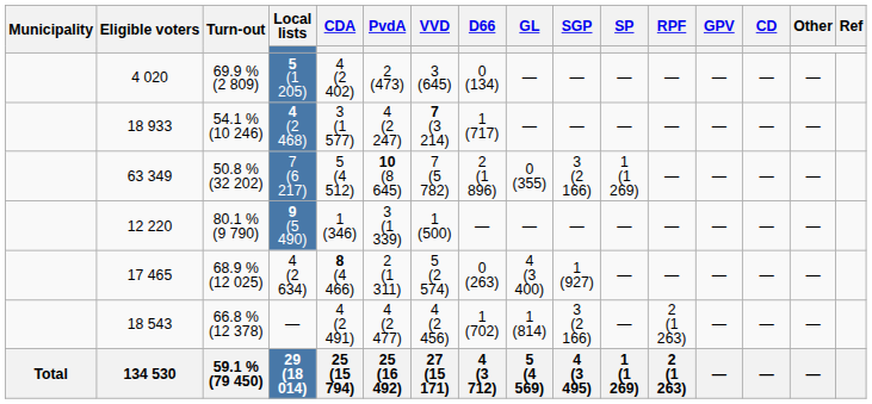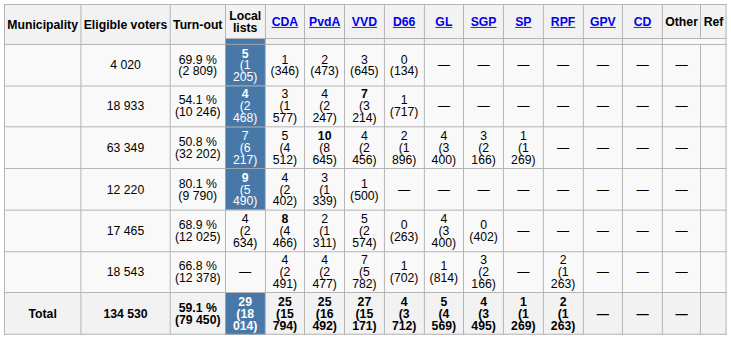 <table class="wikitable sortable" style="text-align:center;font-size:90%;line-height:14px">
 <tr style="height:40px;">
 <th rowspan="2">Municipality</th>
 <th rowspan="2">Eligible voters</th>
 <th rowspan="2">Turn-out</th>
 <th style="width:40px; ">Local lists</th>
 <th style="width:40px;"><a href='#'>CDA</a></th>
 <th style="width:40px;"><a href='#'>PvdA</a></th>
 <th style="width:40px;"><a href='#'>VVD</a></th>
 <th style="width:40px;"><a href='#'>D66</a></th>
 <th style="width:40px;"><a href='#'>GL</a></th>
 <th style="width:40px;"><a href='#'>SGP</a></th>
 <th style="width:40px;"><a href='#'>SP</a></th>
 <th style="width:40px;"><a href='#'>RPF</a></th>
 <th style="width:40px;"><a href='#'>GPV</a></th>
 <th style="width:40px;"><a href='#'>CD</a></th>
 <th>Other</th>
 <th>Ref</th>
 </tr>
 <tr>
 <th style="background:#4878a8; color:#FFFFFF;"></th>
 <th style="background:"></th>
 <th style="background:"></th>
 <th style="background:"></th>
 <th style="background:"></th>
 <th style="background:"></th>
 <th style="background:"></th>
 <th style="background:"></th>
 <th style="background:"></th>
 <th style="background:"></th>
 <th style="background:"></th>
 </tr>
 <tr>
 <td align="left"></td>
 <td>4 020</td>
 <td>69.9 %<br>(2 809)</td>
 <td style="background:#4878a8; color:#FFFFFF;"><strong>5</strong><br><span>(1 205)</span></td>
-<td>4<br>(2 402)</td>
+<td>1<br>(346)</td>
 <td>2<br>(473)</td>
 <td>3<br>(645)</td>
 <td>0<br>(134)</td>
 <td>—</td>
 <td>—</td>
 <td>—</td>
 <td>—</td>
 <td>—</td>
 <td>—</td>
 <td>—</td>
 <td></td>
 </tr>
 <tr>
 <td align="left"></td>
 <td>18 933</td>
 <td>54.1 %<br>(10 246)</td>
 <td style="background:#4878a8; color:#FFFFFF;"><strong>4</strong><br><span>(2 468)</span></td>
 <td>3<br>(1 577)</td>
 <td>4<br>(2 247)</td>
 <td style="background:"><strong>7</strong><br><span>(3 214)</span></td>
 <td>1<br>(717)</td>
 <td>—</td>
 <td>—</td>
 <td>—</td>
 <td>—</td>
 <td>—</td>
 <td>—</td>
 <td>—</td>
 <td></td>
 </tr>
 <tr>
 <td align="left"></td>
 <td>63 349</td>
 <td>50.8 %<br>(32 202)</td>
 <td style="background:#4878a8; color:#FFFFFF;">7<br>(6 217)</td>
 <td>5<br>(4 512)</td>
 <td style="background:"><strong>10</strong><br><span>(8 645)</span></td>
-<td>7<br>(5 782)</td>
+<td>4<br>(2 456)</td>
 <td>2<br>(1 896)</td>
-<td>0<br>(355)</td>
+<td>4<br>(3 400)</td>
 <td>3<br>(2 166)</td>
 <td>1<br>(1 269)</td>
 <td>—</td>
 <td>—</td>
 <td>—</td>
 <td>—</td>
 <td></td>
 </tr>
 <tr>
 <td align="left"></td>
 <td>12 220</td>
 <td>80.1 %<br>(9 790)</td>
 <td style="background:#4878a8; color:#FFFFFF;"><strong>9</strong><br><span>(5 490)</span></td>
-<td>1<br>(346)</td>
+<td>4<br>(2 402)</td>
 <td>3<br>(1 339)</td>
 <td>1<br>(500)</td>
 <td>—</td>
 <td>—</td>
 <td>—</td>
 <td>—</td>
 <td>—</td>
 <td>—</td>
 <td>—</td>
 <td>—</td>
 <td></td>
 </tr>
 <tr>
 <td align="left"></td>
 <td>17 465</td>
 <td>68.9 %<br>(12 025)</td>
 <td>4<br>(2 634)</td>
 <td style="background:"><strong>8</strong><br><span>(4 466)</span></td>
 <td>2<br>(1 311)</td>
 <td>5<br>(2 574)</td>
 <td>0<br>(263)</td>
 <td>4<br>(3 400)</td>
-<td>1<br>(927)</td>
+<td>0<br>(402)</td>
 <td>—</td>
 <td>—</td>
 <td>—</td>
 <td>—</td>
 <td>—</td>
 <td></td>
 </tr>
 <tr>
 <td align="left"></td>
 <td>18 543</td>
 <td>66.8 %<br>(12 378)</td>
 <td>—</td>
 <td>4<br>(2 491)</td>
 <td>4<br>(2 477)</td>
-<td>4<br>(2 456)</td>
+<td>7<br>(5 782)</td>
 <td>1<br>(702)</td>
 <td>1<br>(814)</td>
 <td>3<br>(2 166)</td>
 <td>—</td>
 <td>2<br>(1 263)</td>
 <td>—</td>
 <td>—</td>
 <td>—</td>
 <td></td>
 </tr>
 <tr>
 <th style="font-weight:bold;">Total</th>
 <th style="font-weight:bold;">134 530</th>
 <th style="font-weight:bold;">59.1 %<br>(79 450)</th>
 <th style="background:#4878a8; color:#FFFFFF; font-weight:bold;">29<br>(18 014)</th>
 <th>25<br>(15 794)</th>
 <th>25<br>(16 492)</th>
 <th>27<br>(15 171)</th>
 <th>4<br>(3 712)</th>
 <th>5<br>(4 569)</th>
 <th>4<br>(3 495)</th>
 <th>1<br>(1 269)</th>
 <th>2<br>(1 263)</th>
 <th>—</th>
 <th>—</th>
 <th>—</th>
 <th></th>
 </tr>
 </table>
